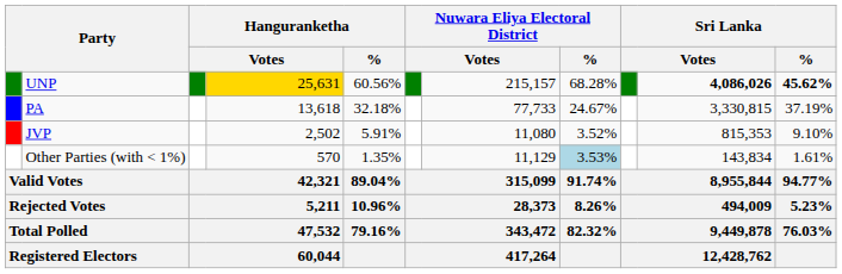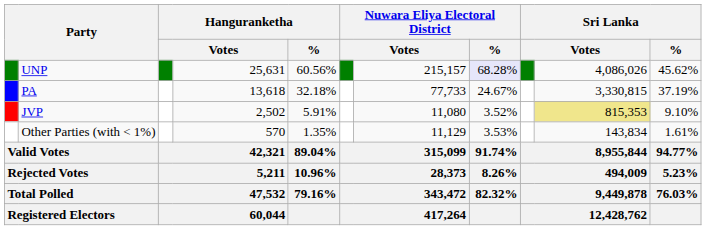 <table class="wikitable">
 <tr>
 <th colspan="2" width="144px"rowspan="2">Party</th>
 <th colspan="3" width="216px">Hanguranketha</th>
 <th colspan="3" width="216px"><a href='#'>Nuwara Eliya Electoral District</a></th>
 <th colspan="3" width="216px">Sri Lanka</th>
 </tr>
 <tr>
 <th colspan="2" width="144px">Votes</th>
 <th>%</th>
 <th colspan="2" width="144px">Votes</th>
 <th>%</th>
 <th colspan="2" width="144px">Votes</th>
 <th>%</th>
 </tr>
 <tr>
 <td style="background-color:green;" width="10px"></td>
 <td style="text-align:left;"><a href='#'>UNP</a></td>
 <td style="background-color:green;" width="10px"></td>
-<td style="background: gold; text-align:right;">25,631</td>
+<td style="text-align:right;">25,631</td>
 <td style="text-align:right;">60.56%</td>
 <td style="background-color:green;" width="10px"></td>
 <td style="text-align:right;">215,157</td>
-<td style="text-align:right;">68.28%</td>
+<td style="background: lavender; text-align:right;">68.28%</td>
 <td style="background-color:green;" width="10px"></td>
-<td style="text-align:right;"><strong>4,086,026</strong></td>
-<td style="text-align:right;"><strong>45.62%</strong></td>
+<td style="text-align:right;">4,086,026</td>
+<td style="text-align:right;">45.62%</td>
 </tr>
 <tr>
 <td style="background-color:blue;" width="10px"></td>
 <td style="text-align:left;"><a href='#'>PA</a></td>
 <td style="background-color:white;" width="10px"></td>
 <td style="text-align:right;">13,618</td>
 <td style="text-align:right;">32.18%</td>
 <td style="background-color:white;" width="10px"></td>
 <td style="text-align:right;">77,733</td>
 <td style="text-align:right;">24.67%</td>
 <td style="background-color:white;" width="10px"></td>
 <td style="text-align:right;">3,330,815</td>
 <td style="text-align:right;">37.19%</td>
 </tr>
 <tr>
 <td style="background-color:red;" width="10px"></td>
 <td style="text-align:left;"><a href='#'>JVP</a></td>
 <td style="background-color:white;" width="10px"></td>
 <td style="text-align:right;">2,502</td>
 <td style="text-align:right;">5.91%</td>
 <td style="background-color:white;" width="10px"></td>
 <td style="text-align:right;">11,080</td>
 <td style="text-align:right;">3.52%</td>
 <td style="background-color:white;" width="10px"></td>
-<td style="text-align:right;">815,353</td>
+<td style="background: khaki; text-align:right;">815,353</td>
 <td style="text-align:right;">9.10%</td>
 </tr>
 <tr>
 <td style="background-color:white;" width="10px"></td>
 <td style="text-align:left;">Other Parties (with < 1%)</td>
 <td style="background-color:white;" width="10px"></td>
 <td style="text-align:right;">570</td>
 <td style="text-align:right;">1.35%</td>
 <td style="background-color:white;" width="10px"></td>
 <td style="text-align:right;">11,129</td>
-<td style="background: lightblue; text-align:right;">3.53%</td>
+<td style="text-align:right;">3.53%</td>
 <td style="background-color:white;" width="10px"></td>
 <td style="text-align:right;">143,834</td>
 <td style="text-align:right;">1.61%</td>
 </tr>
 <tr>
 <th colspan="2" width="144px"style="text-align:left;">Valid Votes</th>
 <th style="text-align:right;"colspan="2" width="144px">42,321</th>
 <th style="text-align:right;">89.04%</th>
 <th style="text-align:right;"colspan="2" width="144px">315,099</th>
 <th style="text-align:right;">91.74%</th>
 <th style="text-align:right;"colspan="2" width="144px">8,955,844</th>
 <th style="text-align:right;">94.77%</th>
 </tr>
 <tr>
 <th colspan="2" width="144px"style="text-align:left;">Rejected Votes</th>
 <th style="text-align:right;"colspan="2" width="144px">5,211</th>
 <th style="text-align:right;">10.96%</th>
 <th style="text-align:right;"colspan="2" width="144px">28,373</th>
 <th style="text-align:right;">8.26%</th>
 <th style="text-align:right;"colspan="2" width="144px">494,009</th>
 <th style="text-align:right;">5.23%</th>
 </tr>
 <tr>
 <th colspan="2" width="144px"style="text-align:left;">Total Polled</th>
 <th style="text-align:right;"colspan="2" width="144px">47,532</th>
 <th style="text-align:right;">79.16%</th>
 <th style="text-align:right;"colspan="2" width="144px">343,472</th>
 <th style="text-align:right;">82.32%</th>
 <th style="text-align:right;"colspan="2" width="144px">9,449,878</th>
 <th style="text-align:right;">76.03%</th>
 </tr>
 <tr>
 <th colspan="2" width="144px"style="text-align:left;">Registered Electors</th>
 <th style="text-align:right;"colspan="2" width="144px">60,044</th>
 <th></th>
 <th style="text-align:right;"colspan="2" width="144px">417,264</th>
 <th></th>
 <th style="text-align:right;"colspan="2" width="144px">12,428,762</th>
 <th></th>
 </tr>
 </table>
